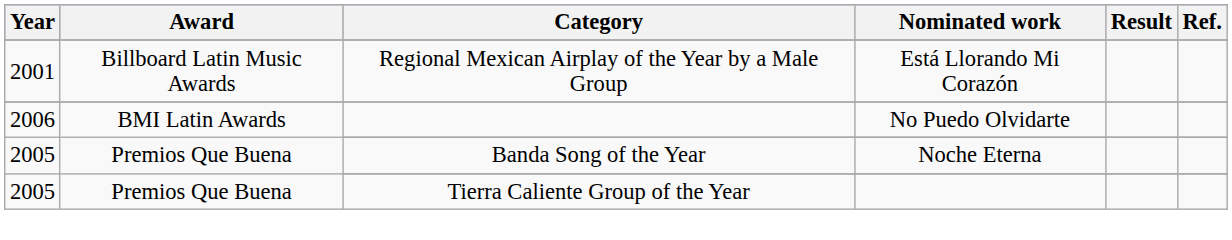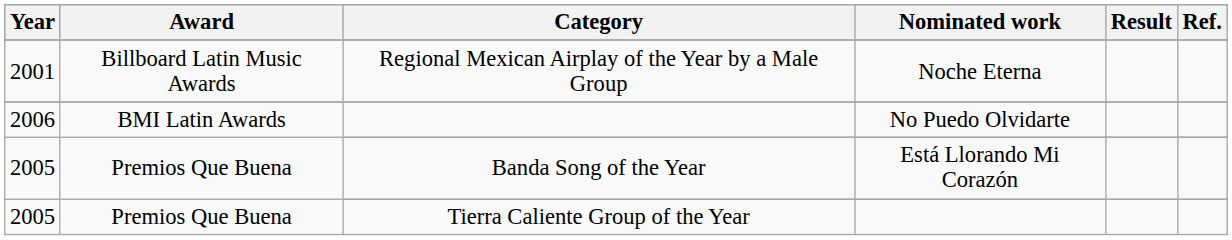 <table class="wikitable plainrowheaders" style="text-align:center;">
 <tr style="background:#96c;">
 <th scope="col">Year</th>
 <th scope="col">Award</th>
 <th scope="col">Category</th>
 <th scope="col">Nominated work</th>
 <th scope="col">Result</th>
 <th scope="col">Ref.</th>
 </tr>
 <tr>
 </tr>
 <tr>
 <td rowspan="2">2001</td>
 <td rowspan="2">Billboard Latin Music Awards</td>
 </tr>
 <tr>
 <td>Regional Mexican Airplay of the Year by a Male Group</td>
-<td>Está Llorando Mi Corazón</td>
+<td>Noche Eterna</td>
 <td></td>
 <td></td>
 </tr>
 <tr>
 </tr>
 <tr>
 <td rowspan="2">2006</td>
 <td rowspan="2">BMI Latin Awards</td>
 </tr>
 <tr>
 <td></td>
 <td>No Puedo Olvidarte</td>
 <td></td>
 <td></td>
 </tr>
 <tr>
 <td rowspan="2">2005</td>
 <td rowspan="2">Premios Que Buena</td>
 </tr>
 <tr>
 <td>Banda Song of the Year</td>
-<td>Noche Eterna</td>
+<td>Está Llorando Mi Corazón</td>
 <td></td>
 <td></td>
 </tr>
 <tr>
 <td rowspan="2">2005</td>
 <td rowspan="2">Premios Que Buena</td>
 </tr>
 <tr>
 <td>Tierra Caliente Group of the Year</td>
 <td></td>
 <td></td>
 <td></td>
 </tr>
 </table>
